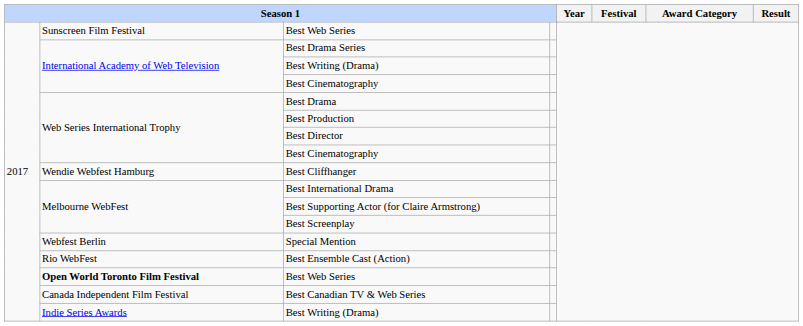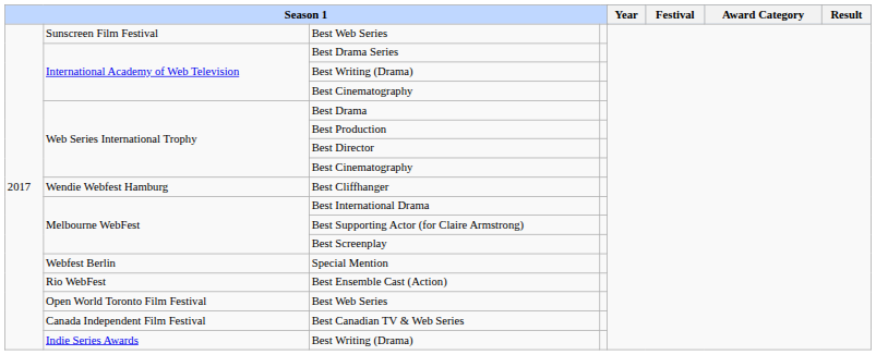 <table class="wikitable plainrowheaders" style="font-size: 90%" width="85%">
 <tr ---- bgcolor="#bfd7ff">
 <td colspan="8" align="center"><strong>Season 1</strong></td>
 <th>Year</th>
 <th>Festival</th>
 <th>Award Category</th>
 <th>Result</th>
 </tr>
 <tr>
 <td rowspan="17">2017</td>
 <td>Sunscreen Film Festival</td>
 <td>Best Web Series</td>
 <td></td>
 </tr>
 <tr>
 <td rowspan="3"><a href='#'>International Academy of Web Television</a></td>
 <td>Best Drama Series</td>
 <td></td>
 </tr>
 <tr>
 <td>Best Writing (Drama)</td>
 <td></td>
 </tr>
 <tr>
 <td>Best Cinematography</td>
 <td></td>
 </tr>
 <tr>
 <td rowspan="4">Web Series International Trophy</td>
 <td>Best Drama</td>
 <td></td>
 </tr>
 <tr>
 <td>Best Production</td>
 <td></td>
 </tr>
 <tr>
 <td>Best Director</td>
 <td></td>
 </tr>
 <tr>
 <td>Best Cinematography</td>
 <td></td>
 </tr>
 <tr>
 <td>Wendie Webfest Hamburg</td>
 <td>Best Cliffhanger</td>
 <td></td>
 </tr>
 <tr>
 <td rowspan="3">Melbourne WebFest</td>
 <td>Best International Drama</td>
 <td></td>
 </tr>
 <tr>
 <td>Best Supporting Actor (for Claire Armstrong)</td>
 <td></td>
 </tr>
 <tr>
 <td>Best Screenplay</td>
 <td></td>
 </tr>
 <tr>
 <td>Webfest Berlin</td>
 <td>Special Mention</td>
 <td></td>
 </tr>
 <tr>
 <td>Rio WebFest</td>
 <td>Best Ensemble Cast (Action)</td>
 <td></td>
 </tr>
 <tr>
-<td><strong>Open World Toronto Film Festival</strong></td>
+<td>Open World Toronto Film Festival</td>
 <td>Best Web Series</td>
 <td></td>
 </tr>
 <tr>
 <td>Canada Independent Film Festival</td>
 <td>Best Canadian TV & Web Series</td>
 <td></td>
 </tr>
 <tr>
 <td><a href='#'>Indie Series Awards</a></td>
 <td>Best Writing (Drama)</td>
 <td></td>
 </tr>
 </table>
